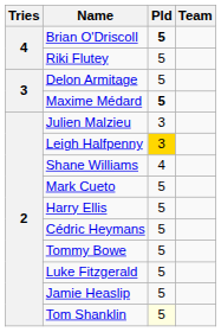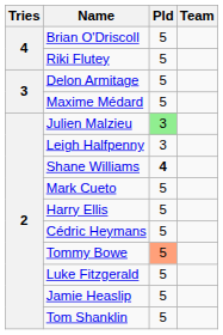 <table class="wikitable">
 <tr>
 <th>Tries</th>
 <th>Name</th>
 <th>Pld</th>
 <th>Team</th>
 </tr>
 <tr>
 <th rowspan="2">4</th>
 <td><a href='#'>Brian O'Driscoll</a></td>
-<td align="center"><strong>5</strong></td>
+<td align="center">5</td>
 <td></td>
 </tr>
 <tr>
 <td><a href='#'>Riki Flutey</a></td>
 <td align="center">5</td>
 <td></td>
 </tr>
 <tr>
 <th rowspan="2">3</th>
 <td><a href='#'>Delon Armitage</a></td>
 <td align="center">5</td>
 <td></td>
 </tr>
 <tr>
 <td><a href='#'>Maxime Médard</a></td>
-<td align="center"><strong>5</strong></td>
+<td align="center">5</td>
 <td></td>
 </tr>
 <tr>
 <th rowspan="10">2</th>
 <td><a href='#'>Julien Malzieu</a></td>
+<td align="center" style="background: lightgreen;">3</td>
+<td></td>
+</tr>
+<tr>
+<td><a href='#'>Leigh Halfpenny</a></td>
 <td align="center">3</td>
 <td></td>
 </tr>
 <tr>
-<td><a href='#'>Leigh Halfpenny</a></td>
-<td align="center" style="background: gold;">3</td>
-<td></td>
-</tr>
-<tr>
 <td><a href='#'>Shane Williams</a></td>
-<td align="center">4</td>
+<td align="center"><strong>4</strong></td>
 <td></td>
 </tr>
 <tr>
 <td><a href='#'>Mark Cueto</a></td>
 <td align="center">5</td>
 <td></td>
 </tr>
 <tr>
 <td><a href='#'>Harry Ellis</a></td>
 <td align="center">5</td>
 <td></td>
 </tr>
 <tr>
 <td><a href='#'>Cédric Heymans</a></td>
 <td align="center">5</td>
 <td></td>
 </tr>
 <tr>
 <td><a href='#'>Tommy Bowe</a></td>
-<td align="center">5</td>
+<td align="center" style="background: lightsalmon;">5</td>
 <td></td>
 </tr>
 <tr>
 <td><a href='#'>Luke Fitzgerald</a></td>
 <td align="center">5</td>
 <td></td>
 </tr>
 <tr>
 <td><a href='#'>Jamie Heaslip</a></td>
 <td align="center">5</td>
 <td></td>
 </tr>
 <tr>
 <td><a href='#'>Tom Shanklin</a></td>
-<td align="center" style="background: lightyellow;">5</td>
+<td align="center">5</td>
 <td></td>
 </tr>
 </table>
